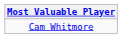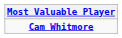 <table class=wikitable style="text-align:center; margin:auto">
 <tr>
 <th><a href='#'>Most Valuable Player</a></th>
 </tr>
 <tr>
-<td> <a href='#'>Cam Whitmore</a></td>
+<td><strong> <a href='#'>Cam Whitmore</a></strong></td>
 </tr>
 </table>
